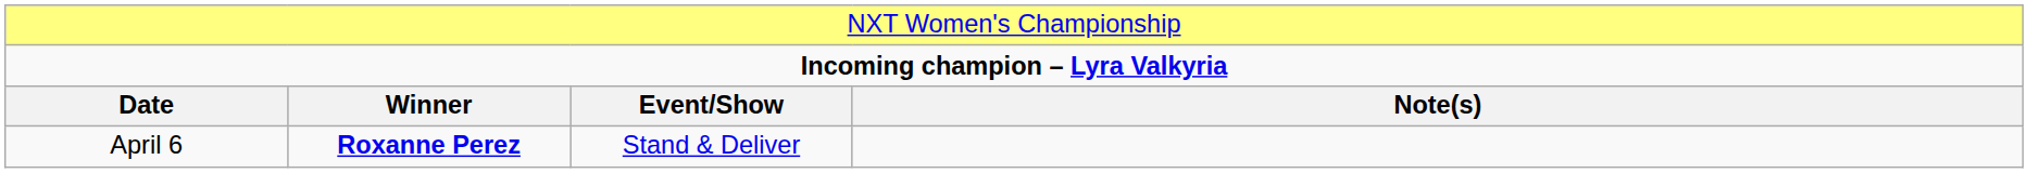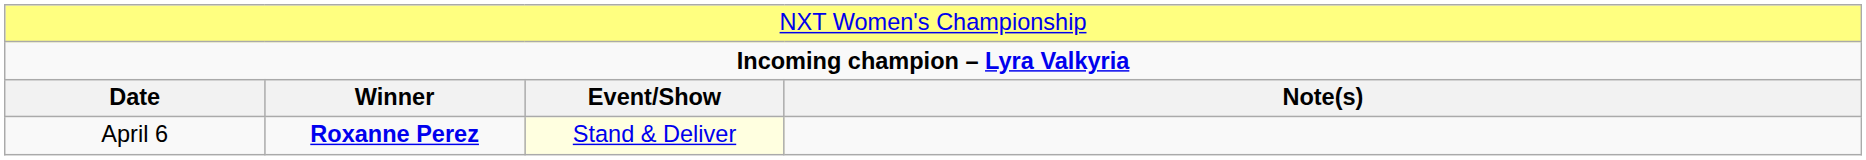 <table class="wikitable" style="text-align:center; width:100%;">
 <tr style="background:#FFFF80;">
 <td colspan="4" style="text-align: center;"><a href='#'>NXT Women's Championship</a></td>
 </tr>
 <tr>
 <td colspan="4" style="text-align: center;"><strong>Incoming champion – <a href='#'>Lyra Valkyria</a></strong></td>
 </tr>
 <tr>
 <th width=14%>Date</th>
 <th width=14%>Winner</th>
 <th width=14%>Event/Show</th>
 <th width=58%>Note(s)</th>
 </tr>
 <tr>
 <td>April 6</td>
 <td><strong><a href='#'>Roxanne Perez</a></strong></td>
-<td><a href='#'>Stand & Deliver</a></td>
+<td style="background: lightyellow;"><a href='#'>Stand & Deliver</a></td>
 <td></td>
 </tr>
 </table>
